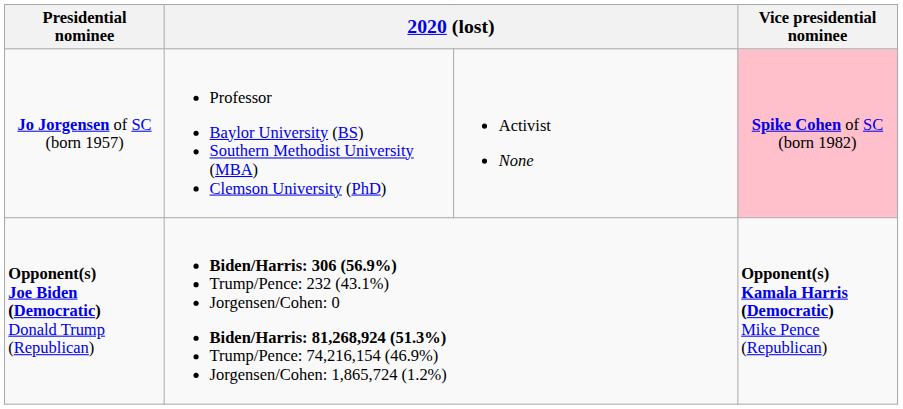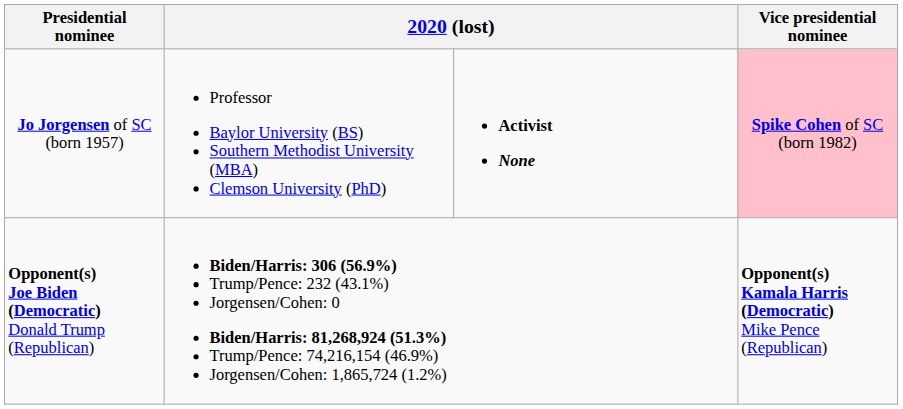 <table class="wikitable">
 <tr>
 <th width=175>Presidential<br>nominee</th>
 <th colspan=2><big><a href='#'>2020</a> (lost)</big></th>
 <th width=175>Vice presidential<br>nominee</th>
 </tr>
 <tr>
 <td style="text-align:center;"><strong><a href='#'>Jo Jorgensen</a></strong> of <a href='#'>SC</a><br>(born 1957)<br></td>
 <td width=350><br><ul><li>Professor</li></ul><ul><li><a href='#'>Baylor University</a> (<a href='#'>BS</a>)</li><li><a href='#'>Southern Methodist University</a> (<a href='#'>MBA</a>)</li><li><a href='#'>Clemson University</a> (<a href='#'>PhD</a>)</li></ul></td>
-<td width=350><br><ul><li>Activist</li></ul><ul><li><em>None</em></li></ul></td>
+<td width=350><strong><br><ul><li>Activist</li></ul><ul><li><em>None</em></li></ul></strong></td>
 <td style="background: pink; text-align:center;"><strong><a href='#'>Spike Cohen</a></strong> of <a href='#'>SC</a><br>(born 1982)<br></td>
 </tr>
 <tr>
 <td><strong>Opponent(s)</strong><br><strong><a href='#'>Joe Biden</a><br>(<a href='#'>Democratic</a>)</strong><br><a href='#'>Donald Trump</a><br>(<a href='#'>Republican</a>)</td>
 <td colspan=2><br><ul><li><strong>Biden/Harris: 306 (56.9%)</strong></li><li>Trump/Pence: 232 (43.1%)</li><li>Jorgensen/Cohen: 0</li></ul><ul><li><strong>Biden/Harris: 81,268,924 (51.3%)</strong></li><li>Trump/Pence: 74,216,154 (46.9%)</li><li>Jorgensen/Cohen: 1,865,724 (1.2%)</li></ul></td>
 <td><strong>Opponent(s)</strong><br><strong><a href='#'>Kamala Harris</a><br>(<a href='#'>Democratic</a>)</strong><br><a href='#'>Mike Pence</a><br>(<a href='#'>Republican</a>)</td>
 </tr>
 </table>
